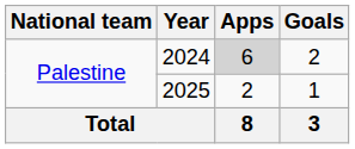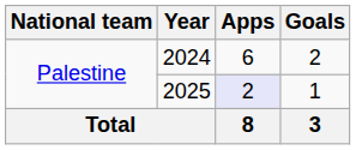 <table class="wikitable" style="text-align:center">
 <tr>
 <th>National team</th>
 <th>Year</th>
 <th>Apps</th>
 <th>Goals</th>
 </tr>
 <tr>
 <td rowspan="2"><a href='#'>Palestine</a></td>
 <td>2024</td>
-<td style="background: lightgrey;">6</td>
+<td>6</td>
 <td>2</td>
 </tr>
 <tr>
 <td>2025</td>
-<td>2</td>
+<td style="background: lavender;">2</td>
 <td>1</td>
 </tr>
 <tr>
 <th colspan="2">Total</th>
 <th>8</th>
 <th>3</th>
 </tr>
 </table>
